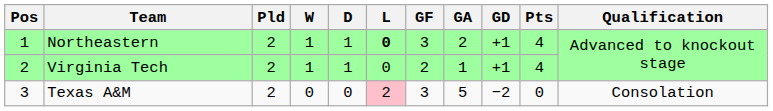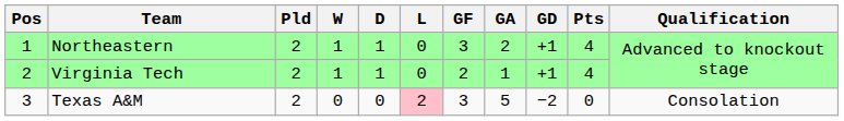 <table class="wikitable" style="text-align:center; margin: 1em auto">
 <tr>
 <th style="width:2em">Pos</th>
 <th style="width:13em">Team</th>
 <th style="width:2em">Pld</th>
 <th style="width:2em">W</th>
 <th style="width:2em">D</th>
 <th style="width:2em">L</th>
 <th style="width:2em">GF</th>
 <th style="width:2em">GA</th>
 <th style="width:2em">GD</th>
 <th style="width:2em">Pts</th>
 <th style="width:13em">Qualification</th>
 </tr>
 <tr bgcolor="#9eff9e">
 <td>1</td>
 <td style="text-align:left">Northeastern</td>
 <td>2</td>
 <td>1</td>
 <td>1</td>
-<td><strong>0</strong></td>
+<td>0</td>
 <td>3</td>
 <td>2</td>
 <td>+1</td>
 <td>4</td>
 <td rowspan="2">Advanced to knockout stage</td>
 </tr>
 <tr bgcolor="#9eff9e">
 <td>2</td>
 <td style="text-align:left">Virginia Tech</td>
 <td>2</td>
 <td>1</td>
 <td>1</td>
 <td>0</td>
 <td>2</td>
 <td>1</td>
 <td>+1</td>
 <td>4</td>
 </tr>
 <tr>
 <td>3</td>
 <td style="text-align:left">Texas A&M</td>
 <td>2</td>
 <td>0</td>
 <td>0</td>
 <td style="background: pink;">2</td>
 <td>3</td>
 <td>5</td>
 <td>−2</td>
 <td>0</td>
 <td>Consolation</td>
 </tr>
 </table>
